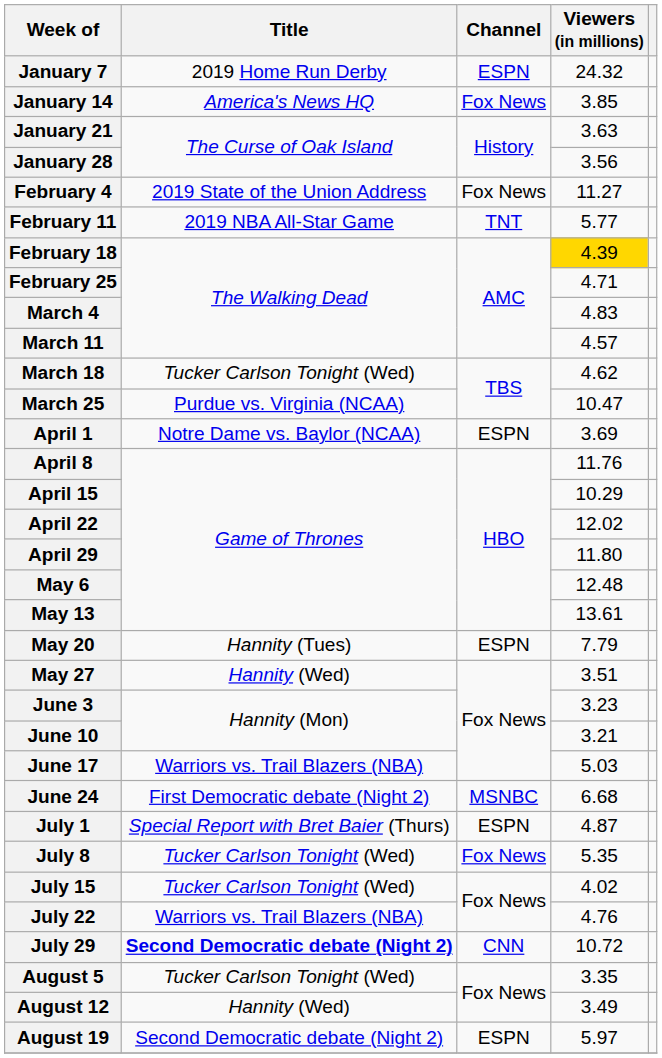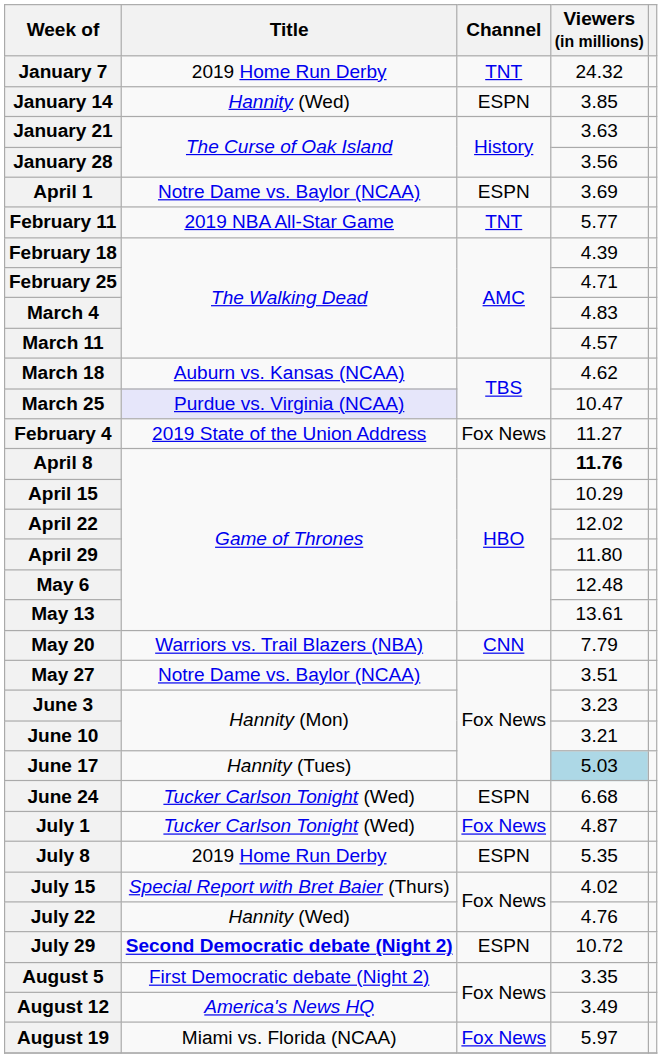 <table class="wikitable plainrowheaders" style="text-align: center; display: inline-table;">
 <tr>
 <th>Week of</th>
 <th>Title</th>
 <th>Channel</th>
 <th>Viewers<br><small>(in millions)</small></th>
 <th></th>
 </tr>
 <tr>
 <th scope="row">January 7</th>
 <td>2019 <a href='#'>Home Run Derby</a></td>
-<td><a href='#'>ESPN</a></td>
+<td><a href='#'>TNT</a></td>
 <td>24.32</td>
 <td></td>
 </tr>
 <tr>
 <th scope="row">January 14</th>
-<td><em><a href='#'>America's News HQ</a></em></td>
-<td><a href='#'>Fox News</a></td>
+<td><em><a href='#'>Hannity</a></em> (Wed)</td>
+<td>ESPN</td>
 <td>3.85</td>
 <td></td>
 </tr>
 <tr>
 <th scope="row">January 21</th>
 <td rowspan="2"><em><a href='#'>The Curse of Oak Island</a></em></td>
 <td rowspan="2"><a href='#'>History</a></td>
 <td>3.63</td>
 <td></td>
 </tr>
 <tr>
 <th scope="row">January 28</th>
 <td>3.56</td>
 <td></td>
 </tr>
 <tr>
-<th scope="row">February 4</th>
-<td><a href='#'>2019 State of the Union Address</a></td>
-<td>Fox News</td>
-<td>11.27</td>
+<th scope="row">April 1</th>
+<td><a href='#'>Notre Dame vs. Baylor (NCAA)</a></td>
+<td>ESPN</td>
+<td>3.69</td>
 <td></td>
 </tr>
 <tr>
 <th scope="row">February 11</th>
 <td><a href='#'>2019 NBA All-Star Game</a></td>
 <td><a href='#'>TNT</a></td>
 <td>5.77</td>
 <td></td>
 </tr>
 <tr>
 <th scope="row">February 18</th>
 <td rowspan="4"><em><a href='#'>The Walking Dead</a></em></td>
 <td rowspan="4"><a href='#'>AMC</a></td>
-<td style="background: gold;">4.39</td>
+<td>4.39</td>
 <td></td>
 </tr>
 <tr>
 <th scope="row">February 25</th>
 <td>4.71</td>
 <td></td>
 </tr>
 <tr>
 <th scope="row">March 4</th>
 <td>4.83</td>
 <td></td>
 </tr>
 <tr>
 <th scope="row">March 11</th>
 <td>4.57</td>
 <td></td>
 </tr>
 <tr>
 <th scope="row">March 18</th>
-<td><em>Tucker Carlson Tonight</em> (Wed)</td>
+<td><a href='#'>Auburn vs. Kansas (NCAA)</a></td>
 <td rowspan="2"><a href='#'>TBS</a></td>
 <td>4.62</td>
 <td></td>
 </tr>
 <tr>
 <th scope="row">March 25</th>
-<td><a href='#'>Purdue vs. Virginia (NCAA)</a></td>
+<td style="background: lavender;"><a href='#'>Purdue vs. Virginia (NCAA)</a></td>
 <td>10.47</td>
 <td></td>
 </tr>
 <tr>
-<th scope="row">April 1</th>
-<td><a href='#'>Notre Dame vs. Baylor (NCAA)</a></td>
-<td>ESPN</td>
-<td>3.69</td>
+<th scope="row">February 4</th>
+<td><a href='#'>2019 State of the Union Address</a></td>
+<td>Fox News</td>
+<td>11.27</td>
 <td></td>
 </tr>
 <tr>
 <th scope="row">April 8</th>
 <td rowspan="6"><em><a href='#'>Game of Thrones</a></em></td>
 <td rowspan="6"><a href='#'>HBO</a></td>
-<td>11.76</td>
+<td><strong>11.76</strong></td>
 <td></td>
 </tr>
 <tr>
 <th scope="row">April 15</th>
 <td>10.29</td>
 <td></td>
 </tr>
 <tr>
 <th scope="row">April 22</th>
 <td>12.02</td>
 <td></td>
 </tr>
 <tr>
 <th scope="row">April 29</th>
 <td>11.80</td>
 <td></td>
 </tr>
 <tr>
 <th scope="row">May 6</th>
 <td>12.48</td>
 <td></td>
 </tr>
 <tr>
 <th scope="row">May 13</th>
 <td>13.61</td>
 <td></td>
 </tr>
 <tr>
 <th scope="row">May 20</th>
-<td><em>Hannity</em> (Tues)</td>
-<td>ESPN</td>
+<td><a href='#'>Warriors vs. Trail Blazers (NBA)</a></td>
+<td><a href='#'>CNN</a></td>
 <td>7.79</td>
 <td></td>
 </tr>
 <tr>
 <th scope="row">May 27</th>
-<td><em><a href='#'>Hannity</a></em> (Wed)</td>
+<td><a href='#'>Notre Dame vs. Baylor (NCAA)</a></td>
 <td rowspan="4">Fox News</td>
 <td>3.51</td>
 <td></td>
 </tr>
 <tr>
 <th scope="row">June 3</th>
 <td rowspan="2"><em>Hannity</em> (Mon)</td>
 <td>3.23</td>
 <td></td>
 </tr>
 <tr>
 <th scope="row">June 10</th>
 <td>3.21</td>
 <td></td>
 </tr>
 <tr>
 <th scope="row">June 17</th>
-<td><a href='#'>Warriors vs. Trail Blazers (NBA)</a></td>
-<td>5.03</td>
+<td><em>Hannity</em> (Tues)</td>
+<td style="background: lightblue;">5.03</td>
 <td></td>
 </tr>
 <tr>
 <th scope="row">June 24</th>
-<td><a href='#'>First Democratic debate (Night 2)</a></td>
-<td><a href='#'>MSNBC</a></td>
+<td><em><a href='#'>Tucker Carlson Tonight</a></em> (Wed)</td>
+<td>ESPN</td>
 <td>6.68</td>
 <td></td>
 </tr>
 <tr>
 <th scope="row">July 1</th>
-<td><em><a href='#'>Special Report with Bret Baier</a></em> (Thurs)</td>
-<td>ESPN</td>
+<td><em><a href='#'>Tucker Carlson Tonight</a></em> (Wed)</td>
+<td><a href='#'>Fox News</a></td>
 <td>4.87</td>
 <td></td>
 </tr>
 <tr>
 <th scope="row">July 8</th>
-<td><em><a href='#'>Tucker Carlson Tonight</a></em> (Wed)</td>
-<td><a href='#'>Fox News</a></td>
+<td>2019 <a href='#'>Home Run Derby</a></td>
+<td>ESPN</td>
 <td>5.35</td>
 <td></td>
 </tr>
 <tr>
 <th scope="row">July 15</th>
-<td><em><a href='#'>Tucker Carlson Tonight</a></em> (Wed)</td>
+<td><em><a href='#'>Special Report with Bret Baier</a></em> (Thurs)</td>
 <td rowspan="2">Fox News</td>
 <td>4.02</td>
 <td></td>
 </tr>
 <tr>
 <th scope="row">July 22</th>
-<td><a href='#'>Warriors vs. Trail Blazers (NBA)</a></td>
+<td><em>Hannity</em> (Wed)</td>
 <td>4.76</td>
 <td></td>
 </tr>
 <tr>
 <th scope="row">July 29</th>
 <td><strong><a href='#'>Second Democratic debate (Night 2)</a></strong></td>
-<td><a href='#'>CNN</a></td>
+<td>ESPN</td>
 <td>10.72</td>
 <td></td>
 </tr>
 <tr>
 <th scope="row">August 5</th>
-<td><em>Tucker Carlson Tonight</em> (Wed)</td>
+<td><a href='#'>First Democratic debate (Night 2)</a></td>
 <td rowspan="2">Fox News</td>
 <td>3.35</td>
 <td></td>
 </tr>
 <tr>
 <th scope="row">August 12</th>
-<td><em>Hannity</em> (Wed)</td>
+<td><em><a href='#'>America's News HQ</a></em></td>
 <td>3.49</td>
 <td></td>
 </tr>
 <tr>
 <th scope="row">August 19</th>
-<td><a href='#'>Second Democratic debate (Night 2)</a></td>
-<td>ESPN</td>
+<td>Miami vs. Florida (NCAA)</td>
+<td><a href='#'>Fox News</a></td>
 <td>5.97</td>
 <td></td>
 </tr>
 <tr>
 </tr>
 </table>
